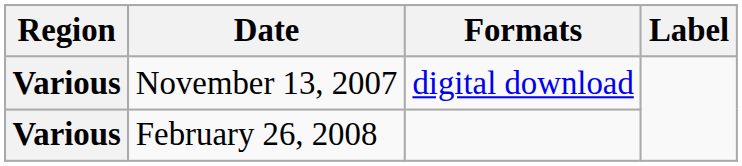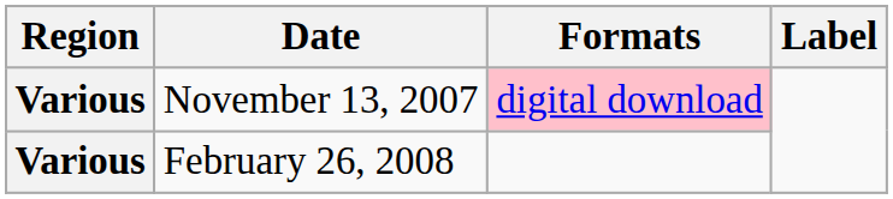 <table class="wikitable plainrowheaders">
 <tr>
 <th scope="col">Region</th>
 <th scope="col">Date</th>
 <th scope="col">Formats</th>
 <th scope="col">Label</th>
 </tr>
 <tr>
 <th scope="row">Various</th>
 <td rowspan="1">November 13, 2007</td>
-<td rowspan="1"><a href='#'>digital download</a></td>
+<td rowspan="1" style="background: pink;"><a href='#'>digital download</a></td>
 <td rowspan="2"></td>
 </tr>
 <tr>
 <th scope="row">Various</th>
 <td>February 26, 2008</td>
 <td></td>
 </tr>
 </table>
